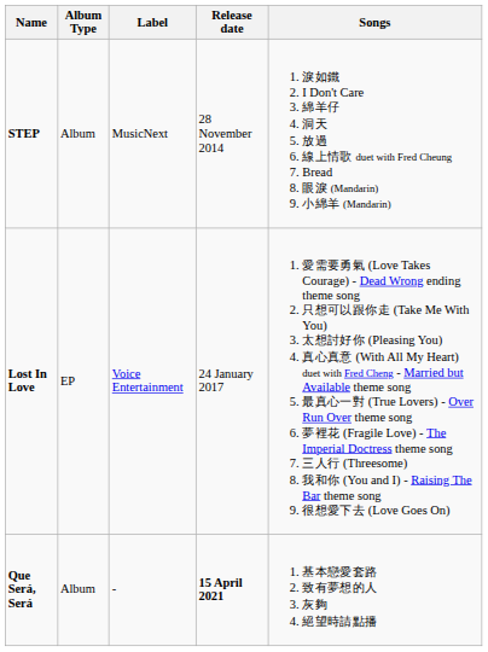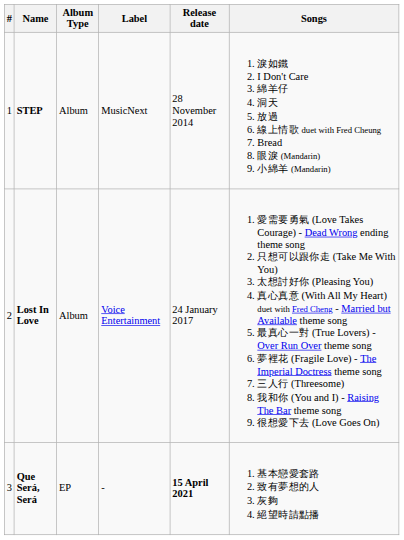 <table class="wikitable">
 <tr>
+<th>#</th>
 <th>Name</th>
 <th>Album Type</th>
 <th>Label</th>
 <th>Release date</th>
 <th>Songs</th>
 </tr>
 <tr>
+<td>1</td>
 <td><strong>STEP</strong></td>
 <td>Album</td>
 <td>MusicNext</td>
 <td>28 November 2014</td>
 <td><br><ol><li>淚如鐵</li><li>I Don't Care</li><li>綿羊仔</li><li>洞天</li><li>放過</li><li>線上情歌 <small>duet with Fred Cheung</small></li><li>Bread</li><li>眼淚 <small>(Mandarin)</small></li><li>小綿羊 <small>(Mandarin)</small></li></ol></td>
 </tr>
 <tr>
+<td>2</td>
 <td><strong>Lost In Love</strong></td>
-<td>EP</td>
+<td>Album</td>
 <td><a href='#'>Voice Entertainment</a></td>
 <td>24 January 2017</td>
 <td><br><ol><li>愛需要勇氣 (Love Takes Courage) - <a href='#'>Dead Wrong</a> ending theme song</li><li>只想可以跟你走 (Take Me With You)</li><li>太想討好你 (Pleasing You)</li><li>真心真意 (With All My Heart) <small>duet with <a href='#'>Fred Cheng</a></small> - <a href='#'>Married but Available</a> theme song</li><li>最真心一對 (True Lovers) - <a href='#'>Over Run Over</a> theme song</li><li>夢裡花 (Fragile Love) - <a href='#'>The Imperial Doctress</a> theme song</li><li>三人行 (Threesome)</li><li>我和你 (You and I) - <a href='#'>Raising The Bar</a> theme song</li><li>很想愛下去 (Love Goes On)</li></ol></td>
 </tr>
 <tr>
+<td>3</td>
 <td><strong>Que Será, Será</strong></td>
-<td>Album</td>
+<td>EP</td>
 <td>-</td>
 <td><strong>15 April 2021</strong></td>
 <td><br><ol><li>基本戀愛套路</li><li>致有夢想的人</li><li>灰夠</li><li>絕望時請點播</li></ol></td>
 </tr>
 </table>
